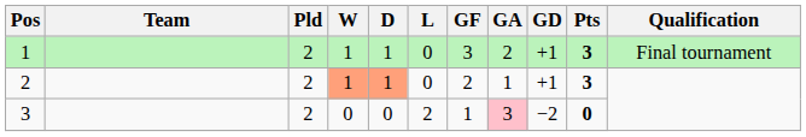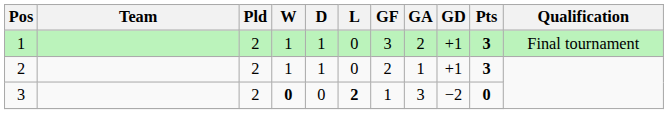 <table class="wikitable" border="1" style="text-align: center;">
 <tr>
 <th width="25"><abbr>Pos</abbr></th>
 <th width="190">Team</th>
 <th width="25"><abbr>Pld</abbr></th>
 <th width="25"><abbr>W</abbr></th>
 <th width="25"><abbr>D</abbr></th>
 <th width="25"><abbr>L</abbr></th>
 <th width="25"><abbr>GF</abbr></th>
 <th width="25"><abbr>GA</abbr></th>
 <th width="25"><abbr>GD</abbr></th>
 <th width="25"><abbr>Pts</abbr></th>
 <th width="150">Qualification</th>
 </tr>
 <tr bgcolor = #BBF3BB>
 <td>1</td>
 <td align="left"></td>
 <td>2</td>
 <td>1</td>
 <td>1</td>
 <td>0</td>
 <td>3</td>
 <td>2</td>
 <td>+1</td>
 <td><strong>3</strong></td>
 <td>Final tournament</td>
 </tr>
 <tr>
 <td>2</td>
 <td align="left"></td>
 <td>2</td>
-<td style="background: lightsalmon;">1</td>
-<td style="background: lightsalmon;">1</td>
+<td>1</td>
+<td>1</td>
 <td>0</td>
 <td>2</td>
 <td>1</td>
 <td>+1</td>
 <td><strong>3</strong></td>
 </tr>
 <tr>
 <td>3</td>
 <td align="left"></td>
 <td>2</td>
+<td><strong>0</strong></td>
 <td>0</td>
-<td>0</td>
-<td>2</td>
+<td><strong>2</strong></td>
 <td>1</td>
-<td style="background: pink;">3</td>
+<td>3</td>
 <td>−2</td>
 <td><strong>0</strong></td>
 </tr>
 <tr>
 </tr>
 </table>
